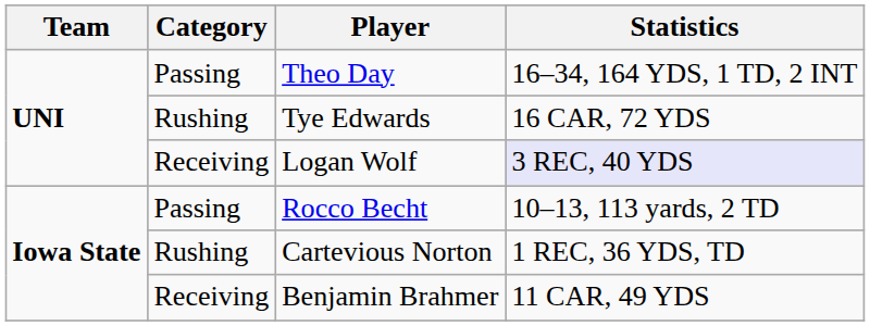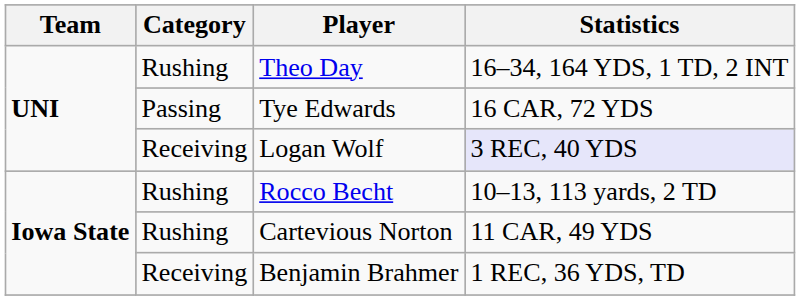 <table class="wikitable" style="float: right;">
 <tr>
 <th>Team</th>
 <th>Category</th>
 <th>Player</th>
 <th>Statistics</th>
 </tr>
 <tr>
 <td rowspan=3><strong>UNI</strong></td>
-<td>Passing</td>
+<td>Rushing</td>
 <td><a href='#'>Theo Day</a></td>
 <td>16–34, 164 YDS, 1 TD, 2 INT</td>
 </tr>
 <tr>
-<td>Rushing</td>
+<td>Passing</td>
 <td>Tye Edwards</td>
 <td>16 CAR, 72 YDS</td>
 </tr>
 <tr>
 <td>Receiving</td>
 <td>Logan Wolf</td>
 <td style="background: lavender;">3 REC, 40 YDS</td>
 </tr>
 <tr>
 <td rowspan=3><strong>Iowa State</strong></td>
-<td>Passing</td>
+<td>Rushing</td>
 <td><a href='#'>Rocco Becht</a></td>
 <td>10–13, 113 yards, 2 TD</td>
 </tr>
 <tr>
 <td>Rushing</td>
 <td>Cartevious Norton</td>
-<td>1 REC, 36 YDS, TD</td>
+<td>11 CAR, 49 YDS</td>
 </tr>
 <tr>
 <td>Receiving</td>
 <td>Benjamin Brahmer</td>
-<td>11 CAR, 49 YDS</td>
+<td>1 REC, 36 YDS, TD</td>
 </tr>
 </table>
